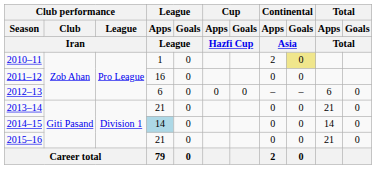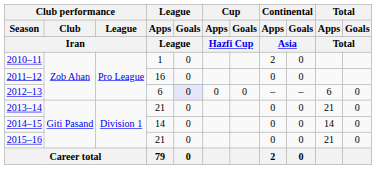 <table class="wikitable" style="text-align:center">
 <tr>
 <th colspan=3>Club performance</th>
 <th colspan=2>League</th>
 <th colspan=2>Cup</th>
 <th colspan=2>Continental</th>
 <th colspan=2>Total</th>
 </tr>
 <tr>
 <th>Season</th>
 <th>Club</th>
 <th>League</th>
 <th>Apps</th>
 <th>Goals</th>
 <th>Apps</th>
 <th>Goals</th>
 <th>Apps</th>
 <th>Goals</th>
 <th>Apps</th>
 <th>Goals</th>
 </tr>
 <tr>
 <th colspan=3>Iran</th>
 <th colspan=2>League</th>
 <th colspan=2><a href='#'>Hazfi Cup</a></th>
 <th colspan=2><a href='#'>Asia</a></th>
 <th colspan=2>Total</th>
 </tr>
 <tr>
 <td><a href='#'>2010–11</a></td>
 <td rowspan="3"><a href='#'>Zob Ahan</a></td>
 <td rowspan="3"><a href='#'>Pro League</a></td>
 <td>1</td>
 <td>0</td>
 <td></td>
 <td></td>
 <td>2</td>
-<td style="background: khaki;">0</td>
+<td>0</td>
 <td></td>
 <td></td>
 </tr>
 <tr>
 <td><a href='#'>2011–12</a></td>
 <td>16</td>
 <td>0</td>
 <td></td>
 <td></td>
 <td>0</td>
 <td>0</td>
 <td></td>
 <td></td>
 </tr>
 <tr>
 <td><a href='#'>2012–13</a></td>
 <td>6</td>
-<td>0</td>
+<td style="background: lavender;">0</td>
 <td>0</td>
 <td>0</td>
 <td>–</td>
 <td>–</td>
 <td>6</td>
 <td>0</td>
 </tr>
 <tr>
 <td><a href='#'>2013–14</a></td>
 <td rowspan="3"><a href='#'>Giti Pasand</a></td>
 <td rowspan="3"><a href='#'>Division 1</a></td>
 <td>21</td>
 <td>0</td>
 <td></td>
 <td></td>
 <td>0</td>
 <td>0</td>
 <td>21</td>
 <td>0</td>
 </tr>
 <tr>
 <td><a href='#'>2014–15</a></td>
-<td style="background: lightblue;">14</td>
+<td>14</td>
 <td>0</td>
 <td></td>
 <td></td>
 <td>0</td>
 <td>0</td>
 <td>14</td>
 <td>0</td>
 </tr>
 <tr>
 <td><a href='#'>2015–16</a></td>
 <td>21</td>
 <td>0</td>
 <td></td>
 <td></td>
 <td>0</td>
 <td>0</td>
 <td>21</td>
 <td>0</td>
 </tr>
 <tr>
 <th colspan=3>Career total</th>
 <th>79</th>
 <th>0</th>
 <th></th>
 <th></th>
 <th>2</th>
 <th>0</th>
 <th></th>
 <th></th>
 </tr>
 </table>
